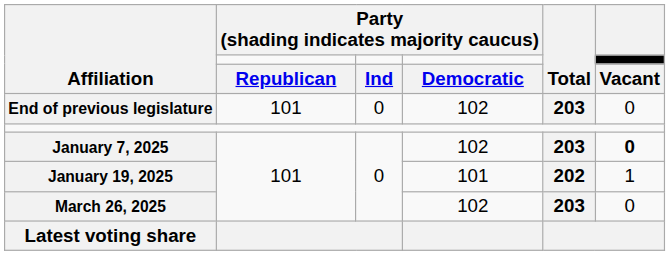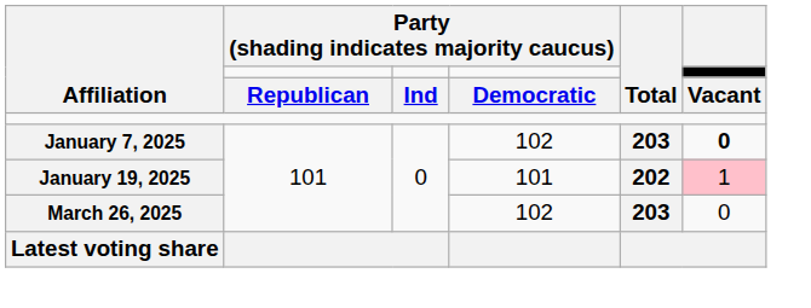 <table class="wikitable mw-collapsible" style="text-align:center">
 <tr style="vertical-align:bottom;">
 <th rowspan=3>Affiliation</th>
 <th colspan=3>Party <div>(shading indicates majority caucus)</div></th>
 <th rowspan=3>Total</th>
 <th></th>
 </tr>
 <tr style="height:5px">
 <td style="background-color:"></td>
 <td style="background-color:"></td>
 <td style="background-color:"></td>
 <td style="background: black"></td>
 </tr>
 <tr>
 <th><a href='#'>Republican</a></th>
 <th><a href='#'>Ind</a></th>
 <th><a href='#'>Democratic</a></th>
 <th>Vacant</th>
 </tr>
 <tr>
-<th nowrap="" style="font-size:85%">End of previous legislature</th>
-<td>101</td>
-<td>0</td>
-<td>102</td>
-<th>203</th>
-<td>0</td>
-</tr>
-<tr>
 <td colspan="6"></td>
 </tr>
 <tr>
 <th><small>January 7, 2025</small></th>
 <td rowspan=3>101</td>
 <td rowspan=3>0</td>
 <td>102</td>
 <th>203</th>
 <td><strong>0</strong></td>
 </tr>
 <tr>
 <th><small> January 19, 2025</small></th>
 <td>101</td>
 <th>202</th>
-<td>1</td>
+<td style="background: pink;">1</td>
 </tr>
 <tr>
 <th><small>March 26, 2025</small></th>
 <td>102</td>
 <th>203</th>
 <td>0</td>
 </tr>
 <tr>
 <th>Latest voting share</th>
 <th colspan=2></th>
 <th></th>
 <th colspan="2"></th>
 </tr>
 </table>
